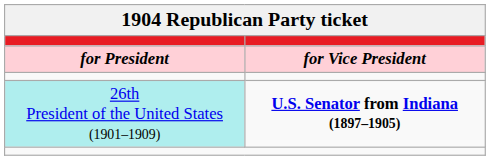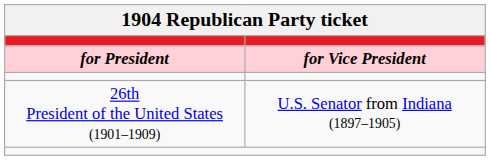 <table class="wikitable" style="font-size:90%; text-align:center;">
 <tr>
 <td style="background:#f1f1f1;" colspan="30"><big><strong>1904 Republican Party ticket</strong></big></td>
 </tr>
 <tr>
 <th style="width:3em; font-size:135%; background:#E81B23; width:200px;"><a href='#'></a></th>
 <th style="width:3em; font-size:135%; background:#E81B23; width:200px;"><a href='#'></a></th>
 </tr>
 <tr style="color:#000; font-size:100%; background:#FFD0D7;">
 <td style="width:3em; width:200px;"><strong><em>for President</em></strong></td>
 <td style="width:3em; width:200px;"><strong><em>for Vice President</em></strong></td>
 </tr>
 <tr>
 <td></td>
 <td></td>
 </tr>
 <tr>
-<td style="background: paleturquoise;"><a href='#'>26th</a><br><a href='#'>President of the United States</a><br><small>(1901–1909)</small></td>
-<td><strong><a href='#'>U.S. Senator</a> from <a href='#'>Indiana</a><br><small>(1897–1905)</small></strong></td>
+<td><a href='#'>26th</a><br><a href='#'>President of the United States</a><br><small>(1901–1909)</small></td>
+<td><a href='#'>U.S. Senator</a> from <a href='#'>Indiana</a><br><small>(1897–1905)</small></td>
 </tr>
 <tr>
 <td colspan=2></td>
 </tr>
 </table>
